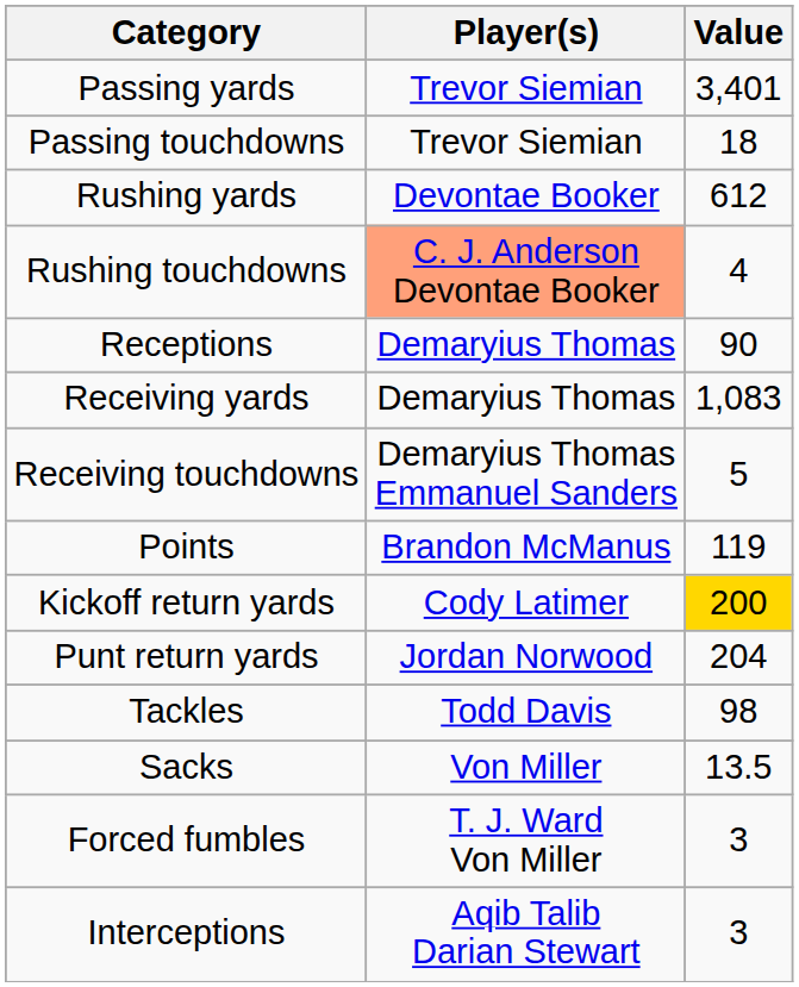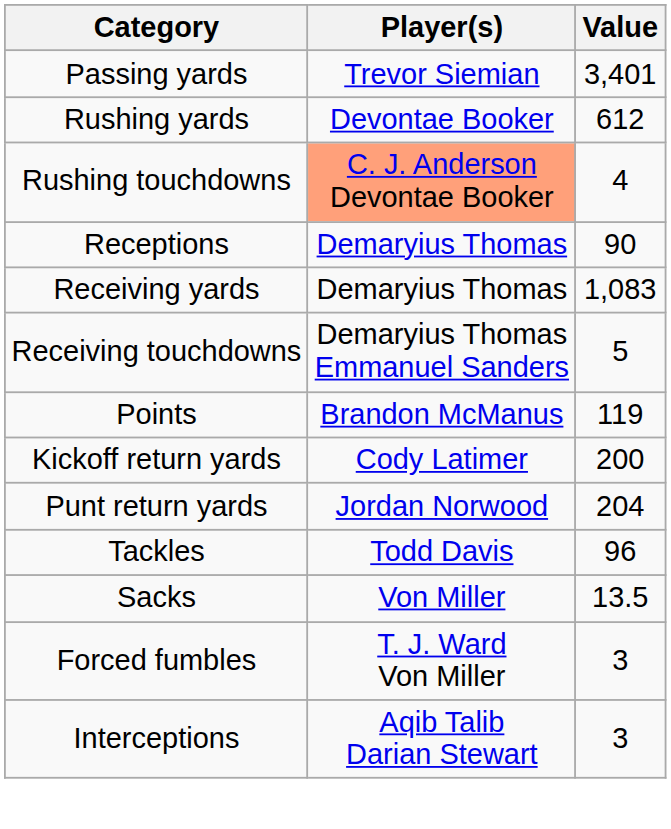 <table class="wikitable" style="text-align:center">
 <tr>
 <th>Category</th>
 <th>Player(s)</th>
 <th>Value</th>
 </tr>
 <tr>
 <td>Passing yards</td>
 <td><a href='#'>Trevor Siemian</a></td>
 <td>3,401</td>
-</tr>
-<tr>
-<td>Passing touchdowns</td>
-<td>Trevor Siemian</td>
-<td>18</td>
 </tr>
 <tr>
 <td>Rushing yards</td>
 <td><a href='#'>Devontae Booker</a></td>
 <td>612</td>
 </tr>
 <tr>
 <td>Rushing touchdowns</td>
 <td style="background: lightsalmon;"><a href='#'>C. J. Anderson</a><br>Devontae Booker</td>
 <td>4</td>
 </tr>
 <tr>
 <td>Receptions</td>
 <td><a href='#'>Demaryius Thomas</a></td>
 <td>90</td>
 </tr>
 <tr>
 <td>Receiving yards</td>
 <td>Demaryius Thomas</td>
 <td>1,083</td>
 </tr>
 <tr>
 <td>Receiving touchdowns</td>
 <td>Demaryius Thomas<br><a href='#'>Emmanuel Sanders</a></td>
 <td>5</td>
 </tr>
 <tr>
 <td>Points</td>
 <td><a href='#'>Brandon McManus</a></td>
 <td>119</td>
 </tr>
 <tr>
 <td>Kickoff return yards</td>
 <td><a href='#'>Cody Latimer</a></td>
-<td style="background: gold;">200</td>
+<td>200</td>
 </tr>
 <tr>
 <td>Punt return yards</td>
 <td><a href='#'>Jordan Norwood</a></td>
 <td>204</td>
 </tr>
 <tr>
 <td>Tackles</td>
 <td><a href='#'>Todd Davis</a></td>
-<td>98</td>
+<td>96</td>
 </tr>
 <tr>
 <td>Sacks</td>
 <td><a href='#'>Von Miller</a></td>
 <td>13.5</td>
 </tr>
 <tr>
 <td>Forced fumbles</td>
 <td><a href='#'>T. J. Ward</a><br>Von Miller</td>
 <td>3</td>
 </tr>
 <tr>
 <td>Interceptions</td>
 <td><a href='#'>Aqib Talib</a><br><a href='#'>Darian Stewart</a></td>
 <td>3</td>
 </tr>
 </table>
